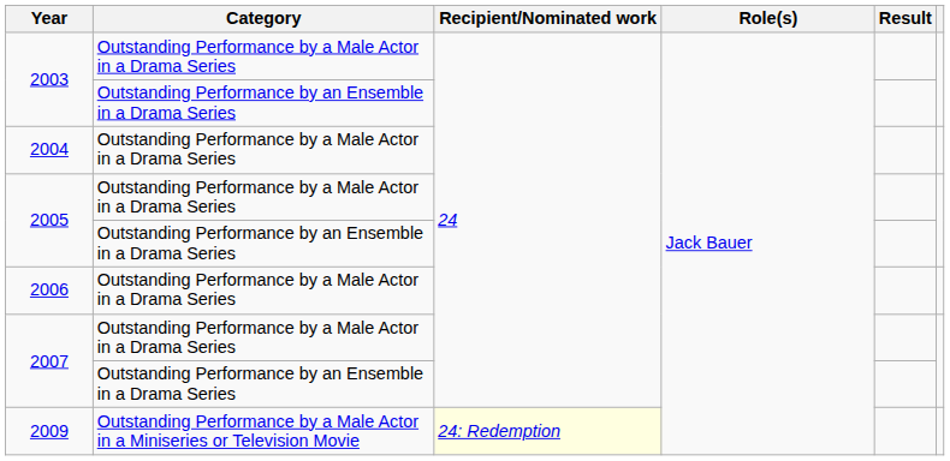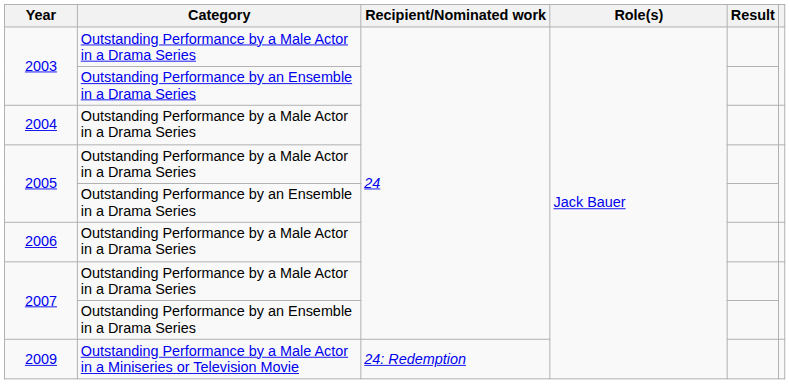 <table class=wikitable>
 <tr>
 <th scope="col" width="10%">Year</th>
 <th scope="col" width="40%">Category</th>
 <th scope="col" width="25%">Recipient/Nominated work</th>
 <th scope="col" width="25%">Role(s)</th>
 <th scope="col" width="10%">Result</th>
 <th scope="col" width="5%"></th>
 </tr>
 <tr>
 <td rowspan="2" scope="row" style="text-align:center"><a href='#'>2003</a></td>
 <td><a href='#'>Outstanding Performance by a Male Actor in a Drama Series</a></td>
 <td rowspan="8"><em><a href='#'>24</a></em></td>
 <td rowspan="9"><a href='#'>Jack Bauer</a></td>
 <td></td>
 <td rowspan="2" style="text-align:center;"></td>
 </tr>
 <tr>
 <td><a href='#'>Outstanding Performance by an Ensemble in a Drama Series</a></td>
 <td></td>
 </tr>
 <tr>
 <td scope="row" style="text-align:center"><a href='#'>2004</a></td>
 <td>Outstanding Performance by a Male Actor in a Drama Series</td>
 <td></td>
 <td style="text-align:center;"></td>
 </tr>
 <tr>
 <td rowspan="2" scope="row" style="text-align:center"><a href='#'>2005</a></td>
 <td>Outstanding Performance by a Male Actor in a Drama Series</td>
 <td></td>
 <td rowspan="2" style="text-align:center;"></td>
 </tr>
 <tr>
 <td>Outstanding Performance by an Ensemble in a Drama Series</td>
 <td></td>
 </tr>
 <tr>
 <td scope="row" style="text-align:center"><a href='#'>2006</a></td>
 <td>Outstanding Performance by a Male Actor in a Drama Series</td>
 <td></td>
 <td style="text-align:center;"></td>
 </tr>
 <tr>
 <td rowspan="2" scope="row" style="text-align:center"><a href='#'>2007</a></td>
 <td>Outstanding Performance by a Male Actor in a Drama Series</td>
 <td></td>
 <td rowspan="2" style="text-align:center;"></td>
 </tr>
 <tr>
 <td>Outstanding Performance by an Ensemble in a Drama Series</td>
 <td></td>
 </tr>
 <tr>
 <td scope="row" style="text-align:center"><a href='#'>2009</a></td>
 <td><a href='#'>Outstanding Performance by a Male Actor in a Miniseries or Television Movie</a></td>
-<td style="background: lightyellow;"><em><a href='#'>24: Redemption</a></em></td>
+<td><em><a href='#'>24: Redemption</a></em></td>
 <td></td>
 <td style="text-align:center;"></td>
 </tr>
 </table>
